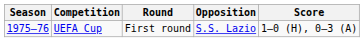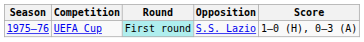 <table class="wikitable">
 <tr>
 <th>Season</th>
 <th>Competition</th>
 <th>Round</th>
 <th>Opposition</th>
 <th>Score</th>
 </tr>
 <tr>
 <td rowspan="4"><a href='#'>1975–76</a></td>
 <td rowspan="4"><a href='#'>UEFA Cup</a></td>
-<td>First round</td>
+<td style="background: paleturquoise;">First round</td>
 <td> <a href='#'>S.S. Lazio</a></td>
 <td>1–0 (H), 0–3 (A)</td>
 </tr>
 </table>
